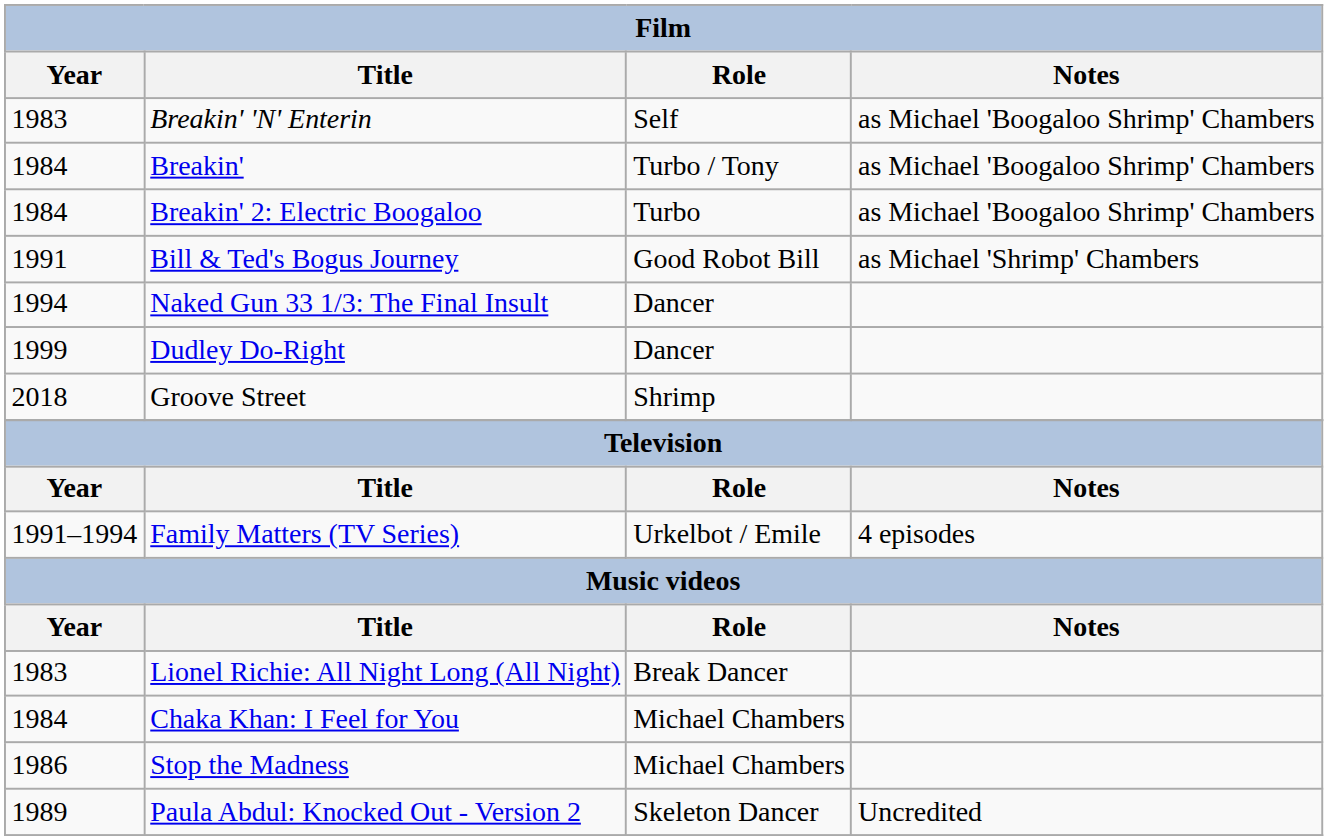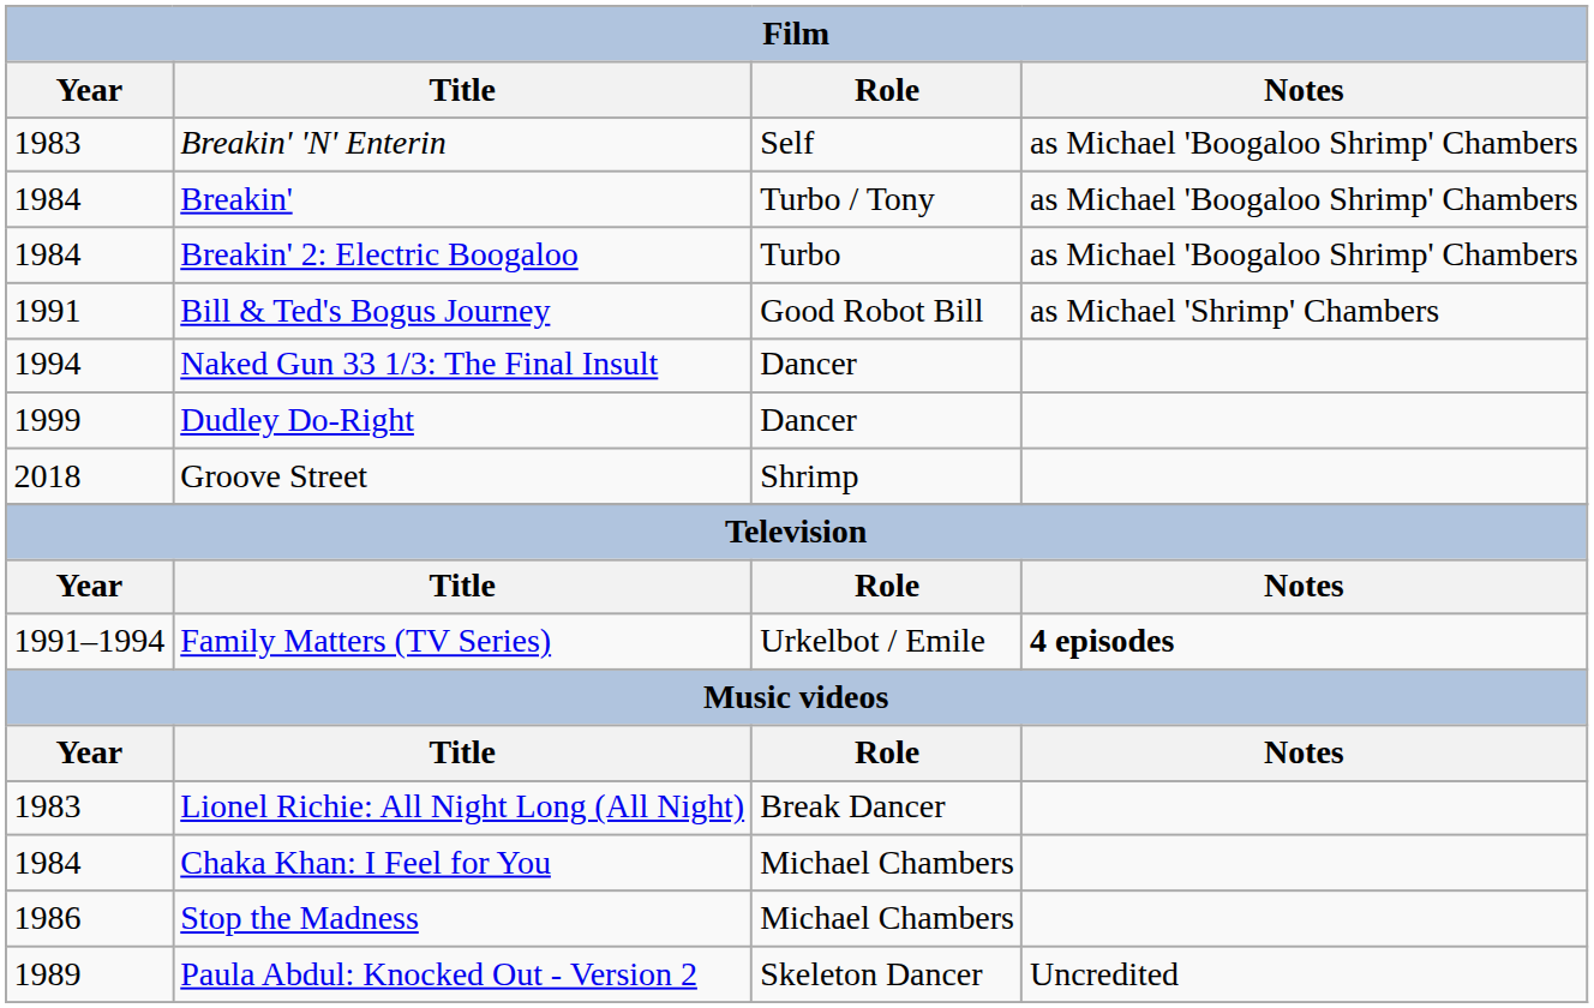 <table class="wikitable" style="font-size: 90%;">
 <tr>
 <th colspan="4" style="background: LightSteelBlue;">Film</th>
 </tr>
 <tr>
 <th>Year</th>
 <th>Title</th>
 <th>Role</th>
 <th>Notes</th>
 </tr>
 <tr>
 <td>1983</td>
 <td><em>Breakin' 'N' Enterin<strong></td>
 <td>Self</td>
 <td>as Michael 'Boogaloo Shrimp' Chambers</td>
 </tr>
 <tr>
 <td>1984</td>
 <td></em><a href='#'>Breakin'</a><em></td>
 <td>Turbo / Tony</td>
 <td>as Michael 'Boogaloo Shrimp' Chambers</td>
 </tr>
 <tr>
 <td>1984</td>
 <td></em><a href='#'>Breakin' 2: Electric Boogaloo</a><em></td>
 <td>Turbo</td>
 <td>as Michael 'Boogaloo Shrimp' Chambers</td>
 </tr>
 <tr>
 <td>1991</td>
 <td></em><a href='#'>Bill & Ted's Bogus Journey</a><em></td>
 <td>Good Robot Bill</td>
 <td>as Michael 'Shrimp' Chambers</td>
 </tr>
 <tr>
 <td>1994</td>
 <td></em><a href='#'>Naked Gun 33 1/3: The Final Insult</a><em></td>
 <td>Dancer</td>
 <td></td>
 </tr>
 <tr>
 <td>1999</td>
 <td></em><a href='#'>Dudley Do-Right</a><em></td>
 <td>Dancer</td>
 <td></td>
 </tr>
 <tr>
 <td>2018</td>
 <td></em>Groove Street<em></td>
 <td>Shrimp</td>
 <td></td>
 </tr>
 <tr>
 </tr>
 <tr>
 <th colspan="4" style="background: LightSteelBlue;">Television</th>
 </tr>
 <tr>
 <th>Year</th>
 <th>Title</th>
 <th>Role</th>
 <th>Notes</th>
 </tr>
 <tr>
 <td>1991–1994</td>
 <td></em><a href='#'>Family Matters (TV Series)</a><em></td>
 <td>Urkelbot / Emile</td>
-<td>4 episodes</td>
+<td><strong>4 episodes</strong></td>
 </tr>
 <tr>
 <th colspan="4" style="background: LightSteelBlue;">Music videos</th>
 </tr>
 <tr>
 <th>Year</th>
 <th>Title</th>
 <th>Role</th>
 <th>Notes</th>
 </tr>
 <tr>
 <td>1983</td>
 <td></em><a href='#'>Lionel Richie: All Night Long (All Night)</a><em></td>
 <td>Break Dancer</td>
 <td></td>
 </tr>
 <tr>
 <td>1984</td>
 <td></em><a href='#'>Chaka Khan: I Feel for You</a><em></td>
 <td>Michael Chambers</td>
 <td></td>
 </tr>
 <tr>
 <td>1986</td>
 <td></em><a href='#'>Stop the Madness</a><em></td>
 <td>Michael Chambers</td>
 <td></td>
 </tr>
 <tr>
 <td>1989</td>
 <td></em><a href='#'>Paula Abdul: Knocked Out - Version 2</a><em></td>
 <td>Skeleton Dancer</td>
 <td>Uncredited</td>
 </tr>
 <tr>
 </tr>
 </table>
